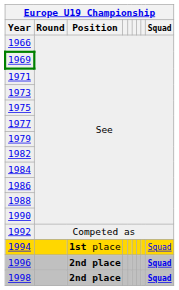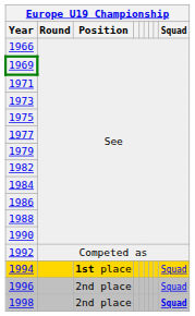 <table class="wikitable" style="text-align: center;">
 <tr>
 <th colspan=9><a href='#'>Europe U19 Championship</a></th>
 </tr>
 <tr>
 <th>Year</th>
 <th>Round</th>
 <th>Position</th>
 <th></th>
 <th></th>
 <th></th>
 <th></th>
 <th></th>
 <th><small>Squad</small></th>
 </tr>
 <tr bgcolor="efefef">
 <td> <a href='#'>1966</a></td>
 <td colspan=9 rowspan="12">See </td>
 </tr>
 <tr bgcolor="efefef">
 <td style="border:3px solid green"> <a href='#'>1969</a></td>
 </tr>
 <tr bgcolor="efefef">
 <td> <a href='#'>1971</a></td>
 </tr>
 <tr bgcolor="efefef">
 <td> <a href='#'>1973</a></td>
 </tr>
 <tr bgcolor="efefef">
 <td> <a href='#'>1975</a></td>
 </tr>
 <tr bgcolor="efefef">
 <td> <a href='#'>1977</a></td>
 </tr>
 <tr bgcolor="efefef">
 <td> <a href='#'>1979</a></td>
 </tr>
 <tr bgcolor="efefef">
 <td> <a href='#'>1982</a></td>
 </tr>
 <tr bgcolor="efefef">
 <td> <a href='#'>1984</a></td>
 </tr>
 <tr bgcolor="efefef">
 <td> <a href='#'>1986</a></td>
 </tr>
 <tr bgcolor="efefef">
 <td> <a href='#'>1988</a></td>
 </tr>
 <tr bgcolor="efefef">
 <td> <a href='#'>1990</a></td>
 </tr>
 <tr bgcolor="efefef">
 <td> <a href='#'>1992</a></td>
 <td colspan=9>Competed as </td>
 </tr>
 <tr bgcolor=gold>
 <td> <a href='#'>1994</a></td>
 <td></td>
 <td><strong>1st</strong> place</td>
 <td></td>
 <td></td>
 <td></td>
 <td></td>
 <td></td>
 <td><small> <a href='#'>Squad</a></small></td>
 </tr>
 <tr bgcolor=silver>
 <td> <a href='#'>1996</a></td>
 <td></td>
-<td><strong>2nd place</strong></td>
+<td>2nd place</td>
 <td></td>
 <td></td>
 <td></td>
 <td></td>
 <td></td>
-<td><strong><small> <a href='#'>Squad</a></small></strong></td>
+<td><small> <a href='#'>Squad</a></small></td>
 </tr>
 <tr bgcolor=silver>
 <td> <a href='#'>1998</a></td>
 <td></td>
-<td><strong>2nd place</strong></td>
+<td>2nd place</td>
 <td></td>
 <td></td>
 <td></td>
 <td></td>
 <td></td>
 <td><strong><small> <a href='#'>Squad</a></small></strong></td>
 </tr>
 </table>
